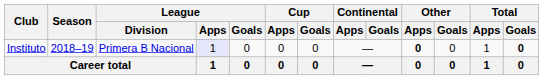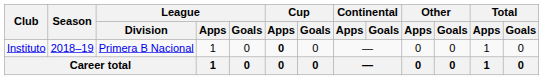 <table class="wikitable" style="text-align:center">
 <tr>
 <th rowspan="2">Club</th>
 <th rowspan="2">Season</th>
 <th colspan="3">League</th>
 <th colspan="2">Cup</th>
 <th colspan="2">Continental</th>
 <th colspan="2">Other</th>
 <th colspan="2">Total</th>
 </tr>
 <tr>
 <th>Division</th>
 <th>Apps</th>
 <th>Goals</th>
 <th>Apps</th>
 <th>Goals</th>
 <th>Apps</th>
 <th>Goals</th>
 <th>Apps</th>
 <th>Goals</th>
 <th>Apps</th>
 <th>Goals</th>
 </tr>
 <tr>
 <td rowspan="1"><a href='#'>Instituto</a></td>
 <td><a href='#'>2018–19</a></td>
 <td rowspan="1"><a href='#'>Primera B Nacional</a></td>
-<td style="background: lavender;">1</td>
+<td>1</td>
+<td>0</td>
+<td><strong>0</strong></td>
+<td>0</td>
+<td colspan="2">—</td>
 <td>0</td>
 <td>0</td>
+<td>1</td>
 <td>0</td>
-<td colspan="2">—</td>
-<td><strong>0</strong></td>
-<td>0</td>
-<td>1</td>
-<td><strong>0</strong></td>
 </tr>
 <tr>
 <th colspan="3">Career total</th>
 <th>1</th>
 <th>0</th>
 <th>0</th>
 <th>0</th>
 <th colspan="2">—</th>
 <th>0</th>
 <th>0</th>
 <th>1</th>
 <th>0</th>
 </tr>
 </table>
